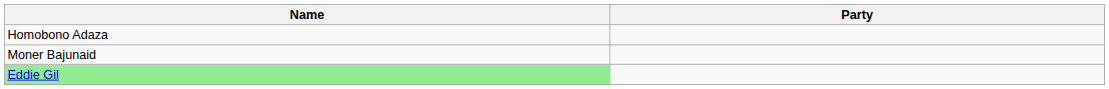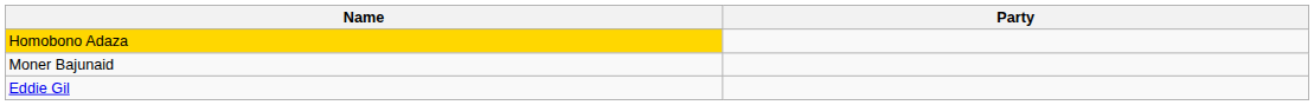 <table class=wikitable style="font-size:90%" width=99%>
 <tr>
 <th width=55%>Name</th>
 <th colspan=2>Party</th>
 </tr>
 <tr>
-<td>Homobono Adaza</td>
+<td style="background: gold;">Homobono Adaza</td>
 <td></td>
 </tr>
 <tr>
 <td>Moner Bajunaid</td>
 <td></td>
 </tr>
 <tr>
-<td style="background: lightgreen;"><a href='#'>Eddie Gil</a></td>
+<td><a href='#'>Eddie Gil</a></td>
 <td></td>
 </tr>
 </table>
